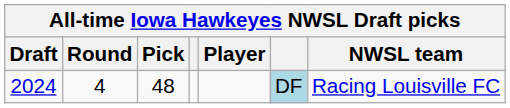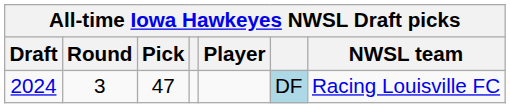 <table class="wikitable sortable" style="text-align: center;">
 <tr>
 <th colspan="7" style="background:#">All-time <a href='#'><span>Iowa Hawkeyes</span></a> NWSL Draft picks</th>
 </tr>
 <tr>
 <th scope="col">Draft</th>
 <th scope="col">Round</th>
 <th scope="col">Pick</th>
 <th scope="col"></th>
 <th scope="col">Player</th>
 <th scope="col"></th>
 <th scope="col">NWSL team</th>
 </tr>
 <tr>
 <td><a href='#'>2024</a></td>
-<td>4</td>
-<td>48</td>
+<td>3</td>
+<td>47</td>
 <td></td>
 <td></td>
 <td style="background: lightblue;">DF</td>
 <td><a href='#'>Racing Louisville FC</a></td>
 </tr>
 </table>
